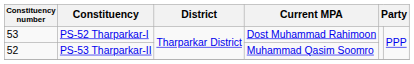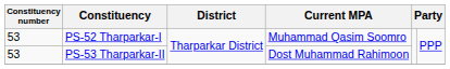 <table class="wikitable">
 <tr>
 <th width="50px" style="font-size:75%">Constituency number</th>
 <th>Constituency</th>
 <th>District</th>
 <th>Current MPA</th>
 <th colspan="2">Party</th>
 </tr>
 <tr>
 <td>53</td>
 <td><a href='#'>PS-52 Tharparkar-I</a></td>
 <td rowspan="2"><a href='#'>Tharparkar District</a></td>
-<td><a href='#'>Dost Muhammad Rahimoon</a></td>
+<td><a href='#'>Muhammad Qasim Soomro</a></td>
 <td rowspan="2"></td>
 <td rowspan="2"><a href='#'>PPP</a></td>
 </tr>
 <tr>
-<td>52</td>
+<td>53</td>
 <td><a href='#'>PS-53 Tharparkar-II</a></td>
-<td><a href='#'>Muhammad Qasim Soomro</a></td>
+<td><a href='#'>Dost Muhammad Rahimoon</a></td>
 </tr>
 <tr>
 </tr>
 </table>
